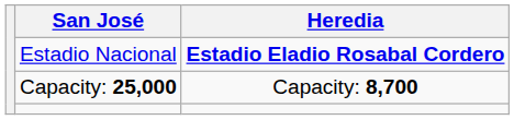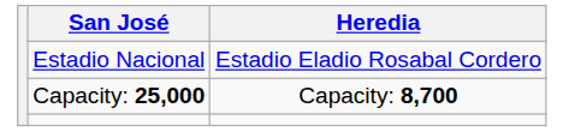 <table class="wikitable" style="text-align:center; margin-left:auto; margin-right:auto; border:none;">
 <tr>
 <th rowspan="4"></th>
 <th><a href='#'>San José</a></th>
 <th><a href='#'>Heredia</a></th>
 </tr>
 <tr>
 <td><a href='#'>Estadio Nacional</a></td>
-<td><strong><a href='#'>Estadio Eladio Rosabal Cordero</a></strong></td>
+<td><a href='#'>Estadio Eladio Rosabal Cordero</a></td>
 </tr>
 <tr>
 <td>Capacity: <strong>25,000</strong></td>
 <td>Capacity: <strong>8,700</strong></td>
 </tr>
 <tr>
 <td></td>
 <td></td>
 </tr>
 </table>
